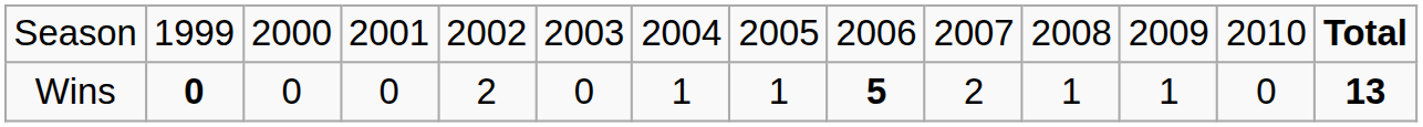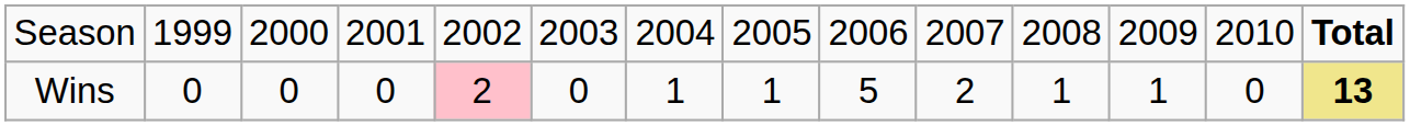 <table class="wikitable sortable">
 <tr>
 <td>Season</td>
 <td>1999</td>
 <td>2000</td>
 <td>2001</td>
 <td>2002</td>
 <td>2003</td>
 <td>2004</td>
 <td>2005</td>
 <td>2006</td>
 <td>2007</td>
 <td>2008</td>
 <td>2009</td>
 <td>2010</td>
 <td><strong>Total</strong></td>
 </tr>
 <tr align=center>
 <td>Wins</td>
-<td><strong>0</strong></td>
 <td>0</td>
 <td>0</td>
-<td>2</td>
+<td>0</td>
+<td style="background: pink;">2</td>
 <td>0</td>
 <td>1</td>
 <td>1</td>
-<td><strong>5</strong></td>
+<td>5</td>
 <td>2</td>
 <td>1</td>
 <td>1</td>
 <td>0</td>
-<td><strong>13</strong></td>
+<td style="background: khaki;"><strong>13</strong></td>
 </tr>
 </table>
